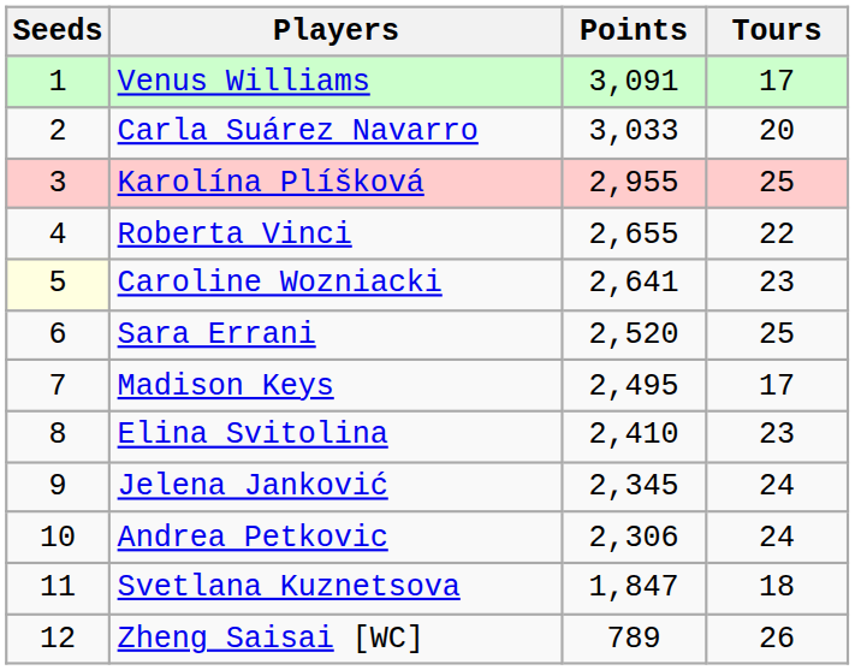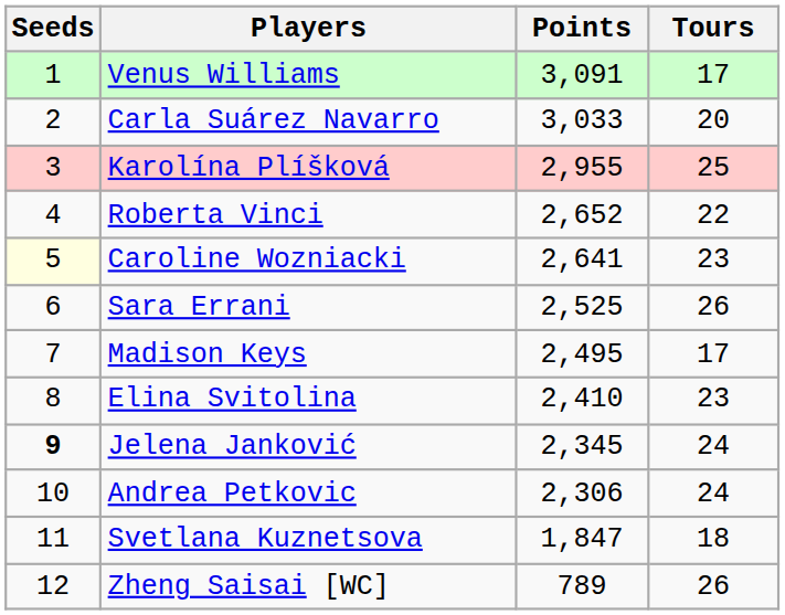 <table class="sortable wikitable"  style="float:right; text-align:center; font-size:90%; text:justify;">
 <tr>
 <th width=20>Seeds</th>
 <th width=170>Players</th>
 <th width=50>Points</th>
 <th width=50>Tours</th>
 </tr>
 <tr style="background:#cfc;">
 <td>1</td>
 <td align=left> <a href='#'>Venus Williams</a></td>
 <td>3,091</td>
 <td>17</td>
 </tr>
 <tr>
 <td>2</td>
 <td align=left> <a href='#'>Carla Suárez Navarro</a></td>
 <td>3,033</td>
 <td>20</td>
 </tr>
 <tr style="background:#fcc;">
 <td>3</td>
 <td align=left> <a href='#'>Karolína Plíšková</a></td>
 <td>2,955</td>
 <td>25</td>
 </tr>
 <tr>
 <td>4</td>
 <td align=left> <a href='#'>Roberta Vinci</a></td>
-<td>2,655</td>
+<td>2,652</td>
 <td>22</td>
 </tr>
 <tr>
 <td style="background: lightyellow;">5</td>
 <td align=left> <a href='#'>Caroline Wozniacki</a></td>
 <td>2,641</td>
 <td>23</td>
 </tr>
 <tr>
 <td>6</td>
 <td align=left> <a href='#'>Sara Errani</a></td>
-<td>2,520</td>
-<td>25</td>
+<td>2,525</td>
+<td>26</td>
 </tr>
 <tr>
 <td>7</td>
 <td align=left> <a href='#'>Madison Keys</a></td>
 <td>2,495</td>
 <td>17</td>
 </tr>
 <tr>
 <td>8</td>
 <td align=left> <a href='#'>Elina Svitolina</a></td>
 <td>2,410</td>
 <td>23</td>
 </tr>
 <tr>
-<td>9</td>
+<td><strong>9</strong></td>
 <td align=left> <a href='#'>Jelena Janković</a></td>
 <td>2,345</td>
 <td>24</td>
 </tr>
 <tr>
 <td>10</td>
 <td align=left> <a href='#'>Andrea Petkovic</a></td>
 <td>2,306</td>
 <td>24</td>
 </tr>
 <tr>
 <td>11</td>
 <td align=left> <a href='#'>Svetlana Kuznetsova</a></td>
 <td>1,847</td>
 <td>18</td>
 </tr>
 <tr>
 <td>12</td>
 <td align=left> <a href='#'>Zheng Saisai</a> [WC]</td>
 <td>789</td>
 <td>26</td>
 </tr>
 </table>
